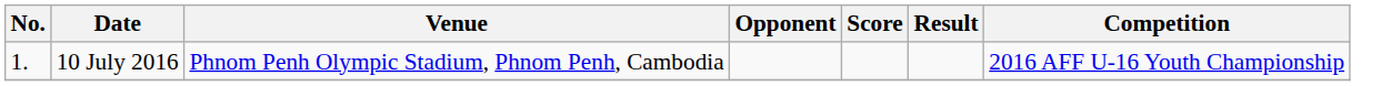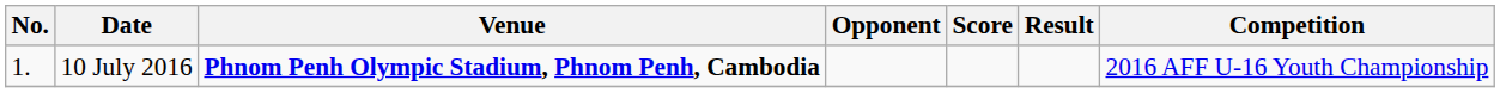 <table class="wikitable" style="font-size:100%;">
 <tr>
 <th>No.</th>
 <th>Date</th>
 <th>Venue</th>
 <th>Opponent</th>
 <th>Score</th>
 <th>Result</th>
 <th>Competition</th>
 </tr>
 <tr>
 <td>1.</td>
 <td>10 July 2016</td>
-<td><a href='#'>Phnom Penh Olympic Stadium</a>, <a href='#'>Phnom Penh</a>, Cambodia</td>
+<td><strong><a href='#'>Phnom Penh Olympic Stadium</a>, <a href='#'>Phnom Penh</a>, Cambodia</strong></td>
 <td></td>
 <td></td>
 <td></td>
 <td><a href='#'>2016 AFF U-16 Youth Championship</a></td>
 </tr>
 <tr>
 </tr>
 </table>
